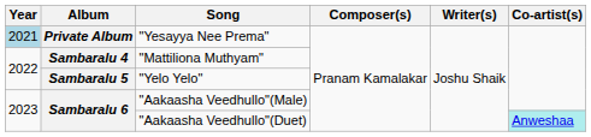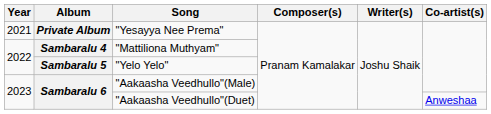 <table class="wikitable">
 <tr>
 <th>Year</th>
 <th>Album</th>
 <th>Song</th>
 <th>Composer(s)</th>
 <th>Writer(s)</th>
 <th>Co-artist(s)</th>
 </tr>
 <tr>
-<td style="background: lightblue;">2021</td>
+<td>2021</td>
 <th><em>Private Album</em></th>
 <td>"Yesayya Nee Prema"</td>
 <td rowspan="5">Pranam Kamalakar</td>
 <td rowspan="5">Joshu Shaik</td>
 <td rowspan="4"></td>
 </tr>
 <tr>
 <td rowspan="2">2022</td>
 <th><em>Sambaralu 4</em></th>
 <td>"Mattiliona Muthyam"</td>
 </tr>
 <tr>
 <th><em>Sambaralu 5</em></th>
 <td>"Yelo Yelo"</td>
 </tr>
 <tr>
 <td rowspan="2">2023</td>
 <th rowspan="2"><em>Sambaralu 6</em></th>
 <td>"Aakaasha Veedhullo"(Male)</td>
 </tr>
 <tr>
 <td>"Aakaasha Veedhullo"(Duet)</td>
-<td style="background: paleturquoise;"><a href='#'>Anweshaa</a></td>
+<td><a href='#'>Anweshaa</a></td>
 </tr>
 </table>
